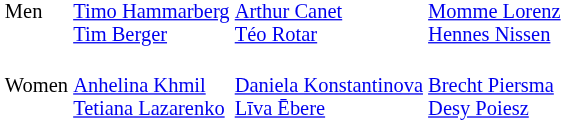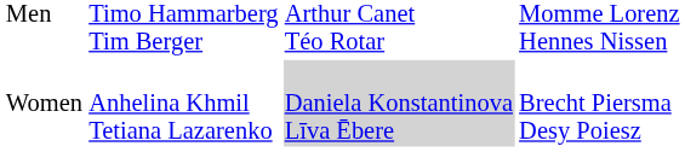 <table>
 <tr>
 <td>Men<br></td>
 <td><br><a href='#'>Timo Hammarberg</a><br><a href='#'>Tim Berger</a></td>
 <td><br><a href='#'>Arthur Canet</a><br><a href='#'>Téo Rotar</a></td>
 <td><br><a href='#'>Momme Lorenz</a><br><a href='#'>Hennes Nissen</a></td>
 </tr>
 <tr>
 <td>Women<br></td>
 <td><br><a href='#'>Anhelina Khmil</a><br><a href='#'>Tetiana Lazarenko</a></td>
-<td><br><a href='#'>Daniela Konstantinova</a><br><a href='#'>Līva Ēbere</a></td>
+<td style="background: lightgrey;"><br><a href='#'>Daniela Konstantinova</a><br><a href='#'>Līva Ēbere</a></td>
 <td><br><a href='#'>Brecht Piersma</a><br><a href='#'>Desy Poiesz</a></td>
 </tr>
 </table>
